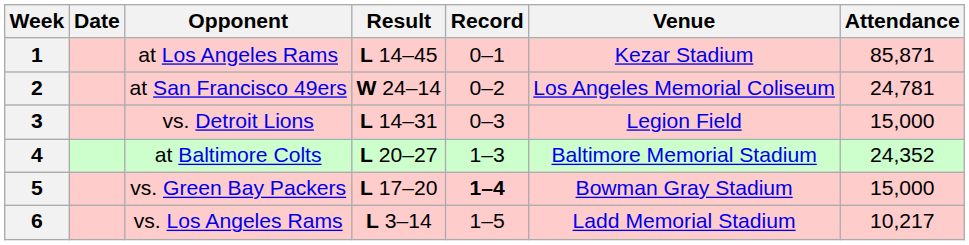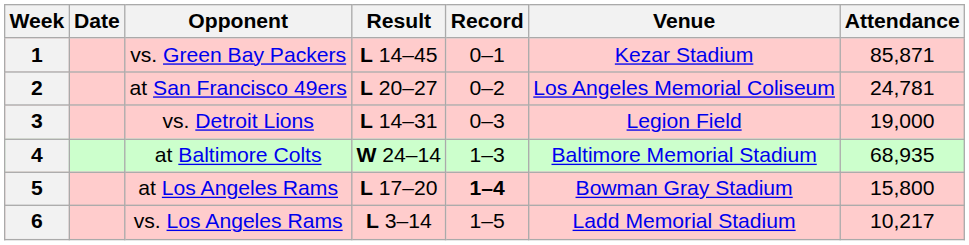 <table class="wikitable" style="text-align:center">
 <tr>
 <th>Week</th>
 <th>Date</th>
 <th>Opponent</th>
 <th>Result</th>
 <th>Record</th>
 <th>Venue</th>
 <th>Attendance</th>
 </tr>
 <tr style="background:#fcc;">
 <th>1</th>
 <td></td>
-<td>at <a href='#'>Los Angeles Rams</a></td>
+<td>vs. <a href='#'>Green Bay Packers</a></td>
 <td><strong>L</strong> 14–45</td>
 <td>0–1</td>
 <td><a href='#'>Kezar Stadium</a></td>
 <td>85,871</td>
 </tr>
 <tr style="background:#fcc;">
 <th>2</th>
 <td></td>
 <td>at <a href='#'>San Francisco 49ers</a></td>
-<td><strong>W</strong> 24–14</td>
+<td><strong>L</strong> 20–27</td>
 <td>0–2</td>
 <td><a href='#'>Los Angeles Memorial Coliseum</a></td>
 <td>24,781</td>
 </tr>
 <tr style="background:#fcc;">
 <th>3</th>
 <td></td>
 <td>vs. <a href='#'>Detroit Lions</a></td>
 <td><strong>L</strong> 14–31</td>
 <td>0–3</td>
 <td><a href='#'>Legion Field</a> </td>
-<td>15,000</td>
+<td>19,000</td>
 </tr>
 <tr style="background:#cfc;">
 <th>4</th>
 <td></td>
 <td>at <a href='#'>Baltimore Colts</a></td>
-<td><strong>L</strong> 20–27</td>
+<td><strong>W</strong> 24–14</td>
 <td>1–3</td>
 <td><a href='#'>Baltimore Memorial Stadium</a></td>
-<td>24,352</td>
+<td>68,935</td>
 </tr>
 <tr style="background:#fcc;">
 <th>5</th>
 <td></td>
-<td>vs. <a href='#'>Green Bay Packers</a></td>
+<td>at <a href='#'>Los Angeles Rams</a></td>
 <td><strong>L</strong> 17–20</td>
 <td><strong>1–4</strong></td>
 <td><a href='#'>Bowman Gray Stadium</a> </td>
-<td>15,000</td>
+<td>15,800</td>
 </tr>
 <tr style="background:#fcc;">
 <th>6</th>
 <td></td>
 <td>vs. <a href='#'>Los Angeles Rams</a></td>
 <td><strong>L</strong> 3–14</td>
 <td>1–5</td>
 <td><a href='#'>Ladd Memorial Stadium</a> </td>
 <td>10,217</td>
 </tr>
 </table>
